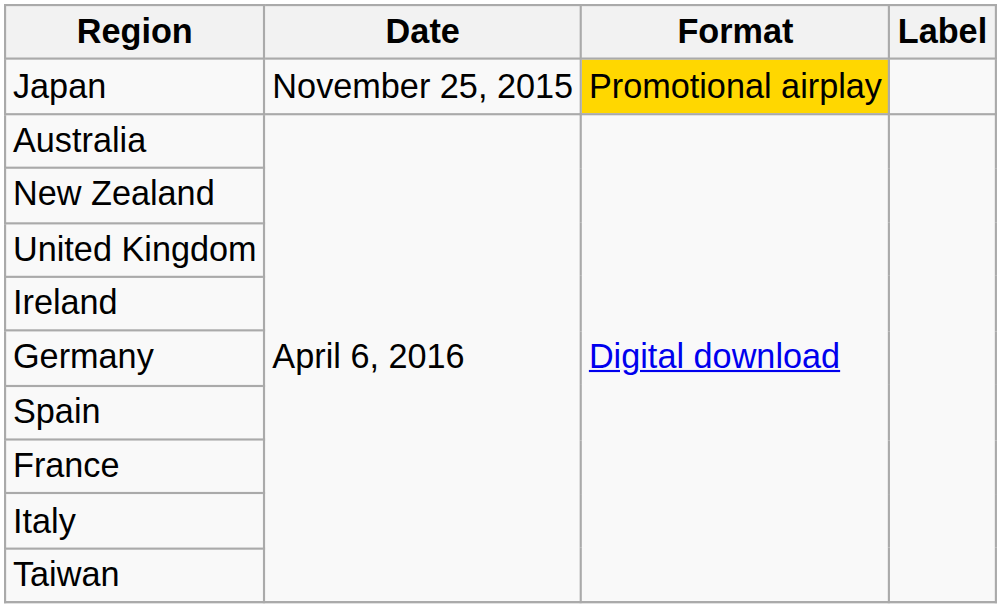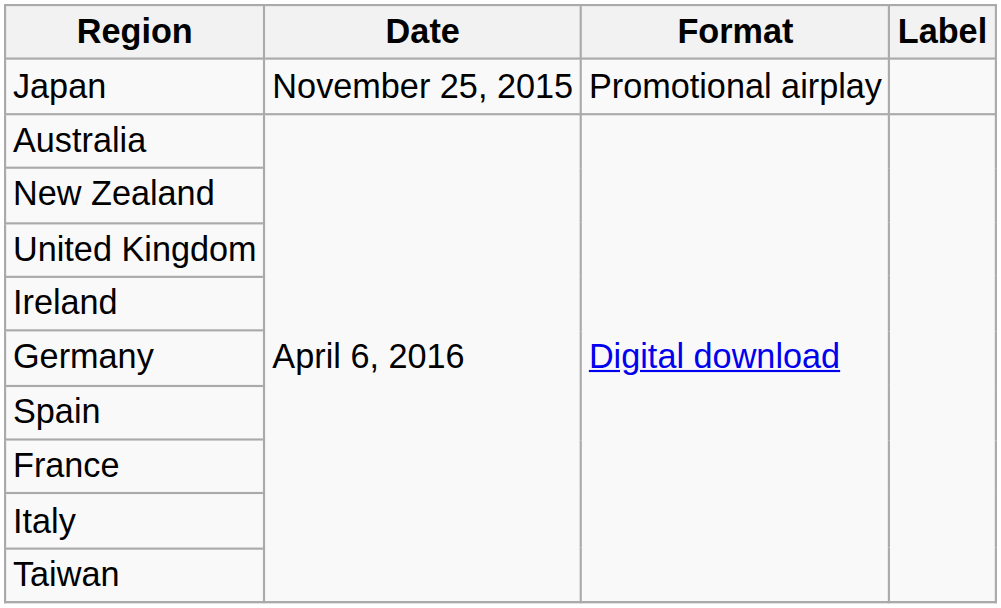 <table class="wikitable plainrowheaders">
 <tr>
 <th scope="col">Region</th>
 <th scope="col">Date</th>
 <th scope="col">Format</th>
 <th scope="col">Label</th>
 </tr>
 <tr>
 <td rowspan="2">Japan</td>
 <td>November 25, 2015</td>
-<td style="background: gold;">Promotional airplay</td>
+<td>Promotional airplay</td>
 <td></td>
 </tr>
 <tr>
 <td rowspan="10">April 6, 2016</td>
 <td rowspan="10"><a href='#'>Digital download</a></td>
 <td rowspan="10"></td>
 </tr>
 <tr>
 <td>Australia</td>
 </tr>
 <tr>
 <td>New Zealand</td>
 </tr>
 <tr>
 <td>United Kingdom</td>
 </tr>
 <tr>
 <td>Ireland</td>
 </tr>
 <tr>
 <td>Germany</td>
 </tr>
 <tr>
 <td>Spain</td>
 </tr>
 <tr>
 <td>France</td>
 </tr>
 <tr>
 <td>Italy</td>
 </tr>
 <tr>
 <td>Taiwan</td>
 </tr>
 <tr>
 </tr>
 </table>
